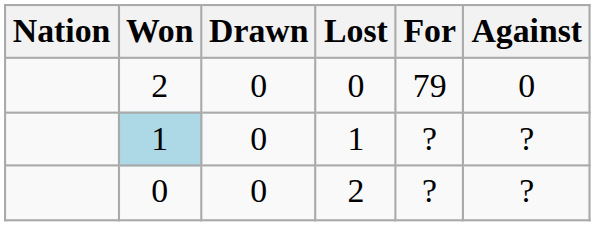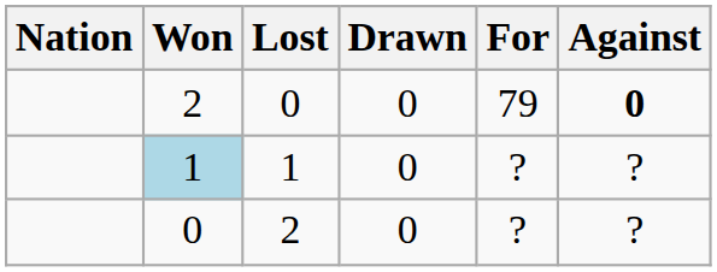 <table class="wikitable" style="text-align: center;">
 <tr>
 <th>Nation</th>
 <th>Won</th>
+<th>Lost</th>
 <th>Drawn</th>
-<th>Lost</th>
 <th>For</th>
 <th>Against</th>
 </tr>
 <tr>
 <td align=left></td>
 <td>2</td>
 <td>0</td>
 <td>0</td>
 <td>79</td>
-<td>0</td>
+<td><strong>0</strong></td>
 </tr>
 <tr>
 <td align=left></td>
 <td style="background: lightblue;">1</td>
+<td>1</td>
 <td>0</td>
-<td>1</td>
 <td>?</td>
 <td>?</td>
 </tr>
 <tr>
 <td align=left></td>
 <td>0</td>
+<td>2</td>
 <td>0</td>
-<td>2</td>
 <td>?</td>
 <td>?</td>
 </tr>
 </table>
